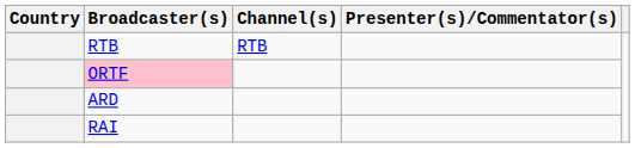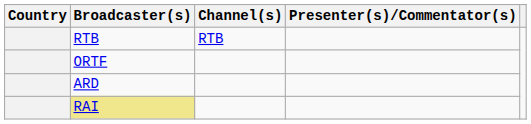 <table class="wikitable plainrowheaders">
 <tr>
 <th scope="col">Country</th>
 <th scope="col">Broadcaster(s)</th>
 <th scope="col">Channel(s)</th>
 <th scope="col">Presenter(s)/Commentator(s)</th>
 <th scope="col"></th>
 </tr>
 <tr>
 <th scope="row"></th>
 <td><a href='#'>RTB</a></td>
 <td><a href='#'>RTB</a></td>
 <td></td>
 <td rowspan="4"></td>
 </tr>
 <tr>
 <th scope="row"></th>
-<td style="background: pink;"><a href='#'>ORTF</a></td>
+<td><a href='#'>ORTF</a></td>
 <td></td>
 <td></td>
 </tr>
 <tr>
 <th scope="row"></th>
 <td><a href='#'>ARD</a></td>
 <td></td>
 <td></td>
 </tr>
 <tr>
 <th scope="row"></th>
-<td><a href='#'>RAI</a></td>
+<td style="background: khaki;"><a href='#'>RAI</a></td>
 <td></td>
 <td></td>
 </tr>
 </table>
